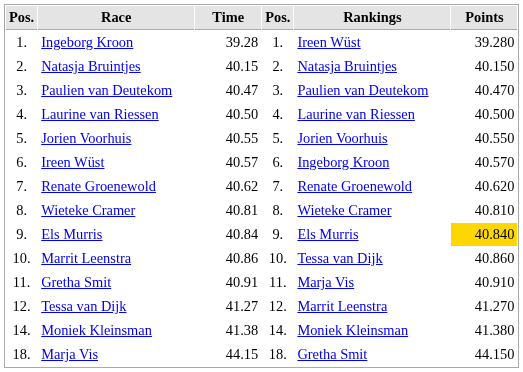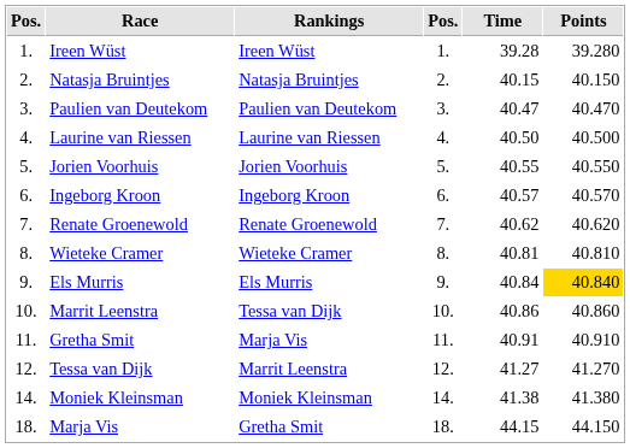 <table cellspacing="1" cellpadding="3" style="border:1px solid #AAAAAA;font-size:90%">
 <tr bgcolor="#E4E4E4">
 <th style="border-bottom:1px solid #AAAAAA" width=10>Pos.</th>
 <th style="border-bottom:1px solid #AAAAAA" width=150>Race</th>
+<th style="border-bottom:1px solid #AAAAAA" width=150>Rankings</th>
+<th style="border-bottom:1px solid #AAAAAA" width=10>Pos.</th>
 <th style="border-bottom:1px solid #AAAAAA" width=60>Time</th>
-<th style="border-bottom:1px solid #AAAAAA" width=10>Pos.</th>
-<th style="border-bottom:1px solid #AAAAAA" width=150>Rankings</th>
 <th style="border-bottom:1px solid #AAAAAA" width=60>Points</th>
 </tr>
 <tr>
 <td align="center">1.</td>
-<td><a href='#'>Ingeborg Kroon</a></td>
+<td><a href='#'>Ireen Wüst</a></td>
+<td><a href='#'>Ireen Wüst</a></td>
+<td align="center">1.</td>
 <td align="right">39.28</td>
-<td align="center">1.</td>
-<td><a href='#'>Ireen Wüst</a></td>
 <td align="right">39.280</td>
 </tr>
 <tr>
 <td align="center">2.</td>
 <td><a href='#'>Natasja Bruintjes</a></td>
+<td><a href='#'>Natasja Bruintjes</a></td>
+<td align="center">2.</td>
 <td align="right">40.15</td>
-<td align="center">2.</td>
-<td><a href='#'>Natasja Bruintjes</a></td>
 <td align="right">40.150</td>
 </tr>
 <tr>
 <td align="center">3.</td>
 <td><a href='#'>Paulien van Deutekom</a></td>
+<td><a href='#'>Paulien van Deutekom</a></td>
+<td align="center">3.</td>
 <td align="right">40.47</td>
-<td align="center">3.</td>
-<td><a href='#'>Paulien van Deutekom</a></td>
 <td align="right">40.470</td>
 </tr>
 <tr>
 <td align="center">4.</td>
 <td><a href='#'>Laurine van Riessen</a></td>
+<td><a href='#'>Laurine van Riessen</a></td>
+<td align="center">4.</td>
 <td align="right">40.50</td>
-<td align="center">4.</td>
-<td><a href='#'>Laurine van Riessen</a></td>
 <td align="right">40.500</td>
 </tr>
 <tr>
 <td align="center">5.</td>
 <td><a href='#'>Jorien Voorhuis</a></td>
+<td><a href='#'>Jorien Voorhuis</a></td>
+<td align="center">5.</td>
 <td align="right">40.55</td>
-<td align="center">5.</td>
-<td><a href='#'>Jorien Voorhuis</a></td>
 <td align="right">40.550</td>
 </tr>
 <tr>
 <td align="center">6.</td>
-<td><a href='#'>Ireen Wüst</a></td>
+<td><a href='#'>Ingeborg Kroon</a></td>
+<td><a href='#'>Ingeborg Kroon</a></td>
+<td align="center">6.</td>
 <td align="right">40.57</td>
-<td align="center">6.</td>
-<td><a href='#'>Ingeborg Kroon</a></td>
 <td align="right">40.570</td>
 </tr>
 <tr>
 <td align="center">7.</td>
 <td><a href='#'>Renate Groenewold</a></td>
+<td><a href='#'>Renate Groenewold</a></td>
+<td align="center">7.</td>
 <td align="right">40.62</td>
-<td align="center">7.</td>
-<td><a href='#'>Renate Groenewold</a></td>
 <td align="right">40.620</td>
 </tr>
 <tr>
 <td align="center">8.</td>
 <td><a href='#'>Wieteke Cramer</a></td>
+<td><a href='#'>Wieteke Cramer</a></td>
+<td align="center">8.</td>
 <td align="right">40.81</td>
-<td align="center">8.</td>
-<td><a href='#'>Wieteke Cramer</a></td>
 <td align="right">40.810</td>
 </tr>
 <tr>
 <td align="center">9.</td>
 <td><a href='#'>Els Murris</a></td>
+<td><a href='#'>Els Murris</a></td>
+<td align="center">9.</td>
 <td align="right">40.84</td>
-<td align="center">9.</td>
-<td><a href='#'>Els Murris</a></td>
 <td align="right" style="background: gold;">40.840</td>
 </tr>
 <tr>
 <td align="center">10.</td>
 <td><a href='#'>Marrit Leenstra</a></td>
+<td><a href='#'>Tessa van Dijk</a></td>
+<td align="center">10.</td>
 <td align="right">40.86</td>
-<td align="center">10.</td>
-<td><a href='#'>Tessa van Dijk</a></td>
 <td align="right">40.860</td>
 </tr>
 <tr>
 <td align="center">11.</td>
 <td><a href='#'>Gretha Smit</a></td>
+<td><a href='#'>Marja Vis</a></td>
+<td align="center">11.</td>
 <td align="right">40.91</td>
-<td align="center">11.</td>
-<td><a href='#'>Marja Vis</a></td>
 <td align="right">40.910</td>
 </tr>
 <tr>
 <td align="center">12.</td>
 <td><a href='#'>Tessa van Dijk</a></td>
+<td><a href='#'>Marrit Leenstra</a></td>
+<td align="center">12.</td>
 <td align="right">41.27</td>
-<td align="center">12.</td>
-<td><a href='#'>Marrit Leenstra</a></td>
 <td align="right">41.270</td>
 </tr>
 <tr>
 <td align="center">14.</td>
 <td><a href='#'>Moniek Kleinsman</a></td>
+<td><a href='#'>Moniek Kleinsman</a></td>
+<td align="center">14.</td>
 <td align="right">41.38</td>
-<td align="center">14.</td>
-<td><a href='#'>Moniek Kleinsman</a></td>
 <td align="right">41.380</td>
 </tr>
 <tr>
 <td align="center">18.</td>
 <td><a href='#'>Marja Vis</a></td>
+<td><a href='#'>Gretha Smit</a></td>
+<td align="center">18.</td>
 <td align="right">44.15</td>
-<td align="center">18.</td>
-<td><a href='#'>Gretha Smit</a></td>
 <td align="right">44.150</td>
 </tr>
 </table>
